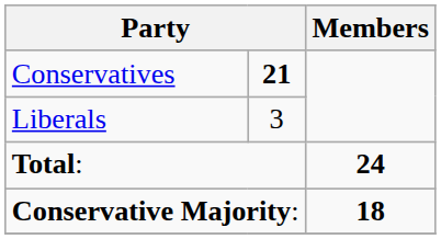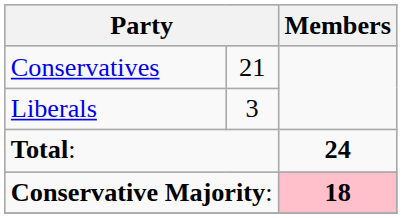 <table class="wikitable">
 <tr>
 <th colspan="2">Party</th>
 <th>Members</th>
 </tr>
 <tr>
 <td><a href='#'>Conservatives</a></td>
-<td align="center"><strong>21</strong></td>
+<td align="center">21</td>
 </tr>
 <tr>
 <td><a href='#'>Liberals</a></td>
 <td align="center">3</td>
 </tr>
 <tr>
 <td colspan = 2><strong>Total</strong>:</td>
 <td align="center"><strong>24</strong></td>
 </tr>
 <tr>
 <td colspan = 2><strong>Conservative Majority</strong>:</td>
-<td align="center"><strong>18</strong></td>
+<td align="center" style="background: pink;"><strong>18</strong></td>
 </tr>
 <tr>
 </tr>
 </table>
